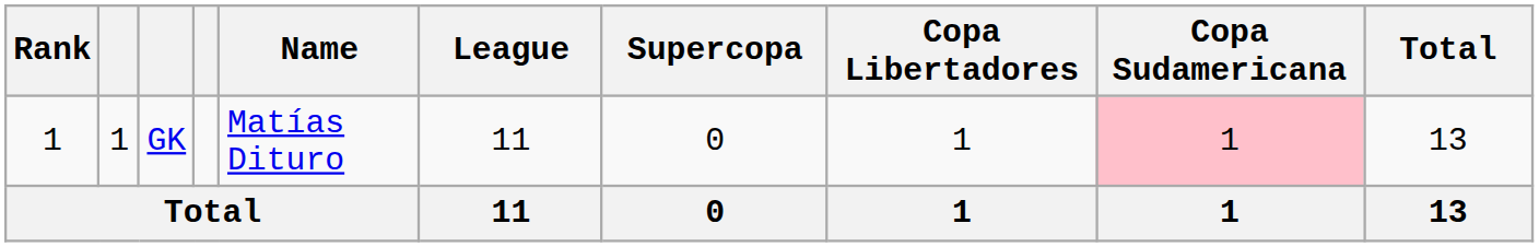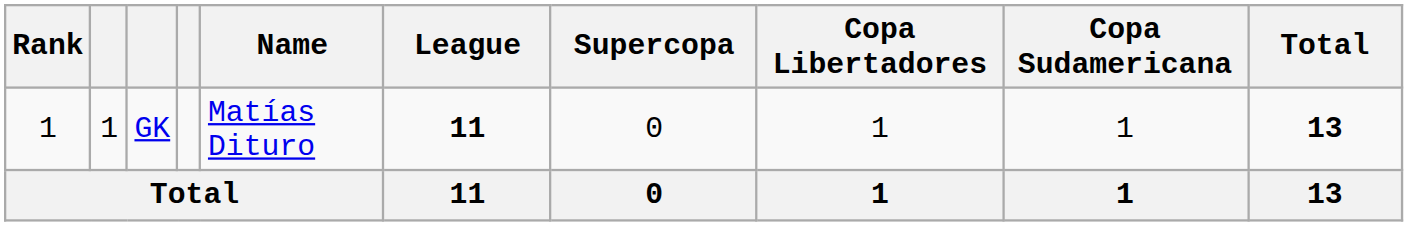 <table class="wikitable sortable" style="text-align:center">
 <tr>
 <th width="15">Rank</th>
 <th width="15"></th>
 <th width="15"></th>
 <th width="15"></th>
 <th width="145">Name</th>
 <th width="120">League</th>
 <th width="120">Supercopa</th>
 <th width="120">Copa<br>Libertadores</th>
 <th width="120">Copa<br>Sudamericana</th>
 <th width="120">Total</th>
 </tr>
 <tr>
 <td>1</td>
 <td>1</td>
 <td><a href='#'>GK</a></td>
 <td></td>
 <td align="left"><a href='#'>Matías Dituro</a></td>
-<td>11</td>
+<td><strong>11</strong></td>
 <td>0</td>
 <td>1</td>
-<td style="background: pink;">1</td>
-<td>13</td>
+<td>1</td>
+<td><strong>13</strong></td>
 </tr>
 <tr>
 <th colspan="5">Total</th>
 <th>11</th>
 <th>0</th>
 <th>1</th>
 <th>1</th>
 <th>13</th>
 </tr>
 </table>
